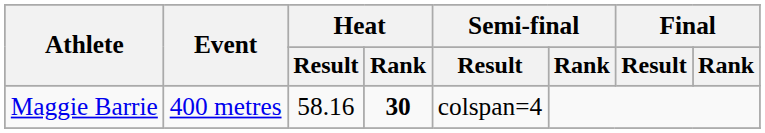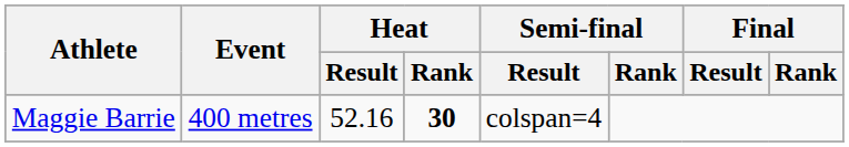 <table class="wikitable" style="font-size:90%">
 <tr>
 <th rowspan="2">Athlete</th>
 <th rowspan="2">Event</th>
 <th colspan="2">Heat</th>
 <th colspan="2">Semi-final</th>
 <th colspan="2">Final</th>
 </tr>
 <tr style="font-size:95%">
 <th>Result</th>
 <th>Rank</th>
 <th>Result</th>
 <th>Rank</th>
 <th>Result</th>
 <th>Rank</th>
 </tr>
 <tr style=text-align:center>
 <td style=text-align:left><a href='#'>Maggie Barrie</a></td>
 <td style=text-align:left><a href='#'>400 metres</a></td>
-<td>58.16 </td>
+<td>52.16 </td>
 <td><strong>30</strong></td>
 <td>colspan=4 </td>
 </tr>
 </table>
